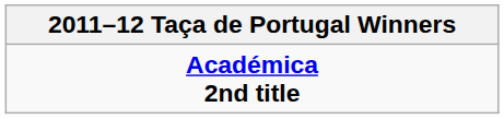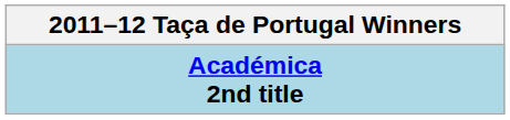 <table class="wikitable" style="text-align: center; margin: 0 auto; width: 20%">
 <tr>
 <th>2011–12 Taça de Portugal Winners</th>
 </tr>
 <tr>
-<td><strong><a href='#'>Académica</a></strong><br><strong>2nd title</strong></td>
+<td style="background: lightblue;"><strong><a href='#'>Académica</a></strong><br><strong>2nd title</strong></td>
 </tr>
 </table>
